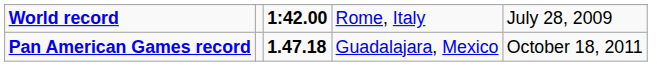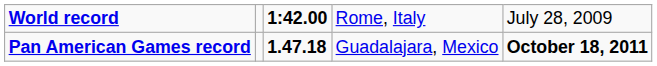 <table class="wikitable">
 <tr>
 <td><strong><a href='#'>World record</a></strong></td>
 <td></td>
 <td><strong>1:42.00</strong></td>
 <td><a href='#'>Rome</a>, <a href='#'>Italy</a></td>
 <td>July 28, 2009</td>
 </tr>
 <tr>
 <td><strong><a href='#'>Pan American Games record</a></strong></td>
 <td></td>
 <td><strong>1.47.18</strong></td>
 <td><a href='#'>Guadalajara</a>, <a href='#'>Mexico</a></td>
-<td>October 18, 2011</td>
+<td><strong>October 18, 2011</strong></td>
 </tr>
 </table>
